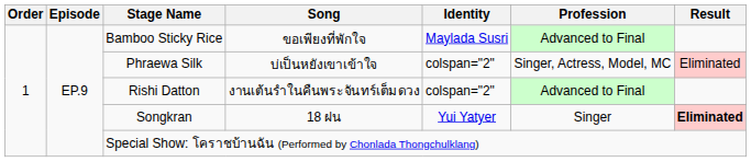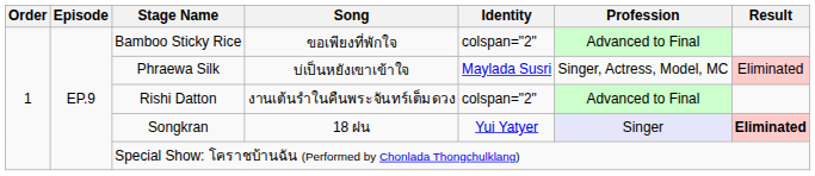 <table class="wikitable">
 <tr>
 <th>Order</th>
 <th>Episode</th>
 <th>Stage Name</th>
 <th>Song</th>
 <th>Identity</th>
 <th>Profession</th>
 <th>Result</th>
 </tr>
 <tr>
 <td rowspan="5" align="center">1</td>
 <td rowspan="5" align="center">EP.9</td>
 <td style="text-align:center;">Bamboo Sticky Rice</td>
 <td style="text-align:center;">ขอเพียงที่พักใจ</td>
-<td style="text-align:center;"><a href='#'>Maylada Susri</a></td>
+<td>colspan="2" </td>
 <td style="text-align:center; background:#ccffcc;">Advanced to Final</td>
 </tr>
 <tr>
 <td style="text-align:center;">Phraewa Silk</td>
 <td style="text-align:center;">บ่เป็นหยังเขาเข้าใจ</td>
-<td>colspan="2" </td>
+<td style="text-align:center;"><a href='#'>Maylada Susri</a></td>
 <td style="text-align:center;">Singer, Actress, Model, MC</td>
 <td style="text-align:center; background:#ffcccc;">Eliminated</td>
 </tr>
 <tr>
 <td style="text-align:center;">Rishi Datton</td>
 <td style="text-align:center;">งานเต้นรำในคืนพระจันทร์เต็มดวง</td>
 <td>colspan="2" </td>
 <td style="text-align:center; background:#ccffcc;">Advanced to Final</td>
 </tr>
 <tr>
 <td style="text-align:center;">Songkran</td>
 <td style="text-align:center;">18 ฝน</td>
 <td style="text-align:center;"><a href='#'>Yui Yatyer</a></td>
-<td style="text-align:center;">Singer</td>
+<td style="background: lavender; text-align:center;">Singer</td>
 <td style="text-align:center; background:#ffcccc;"><strong>Eliminated</strong></td>
 </tr>
 <tr>
 <td colspan="5">Special Show: โคราชบ้านฉัน <small>(Performed by <a href='#'>Chonlada Thongchulklang</a>)</small></td>
 </tr>
 </table>
